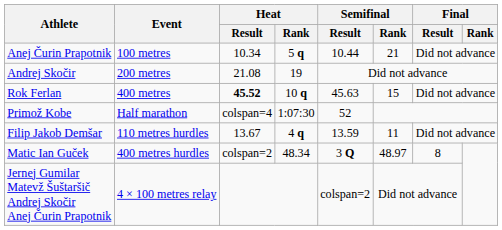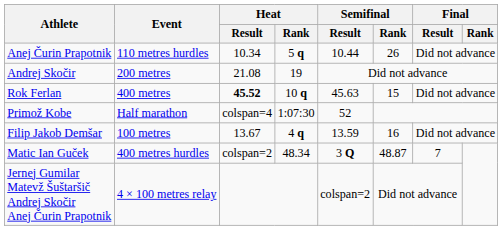 <table class=wikitable style=font-size:90%>
 <tr>
 <th rowspan=2>Athlete</th>
 <th rowspan=2>Event</th>
 <th colspan=2>Heat</th>
 <th colspan=2>Semifinal</th>
 <th colspan=2>Final</th>
 </tr>
 <tr style=font-size:95%>
 <th>Result</th>
 <th>Rank</th>
 <th>Result</th>
 <th>Rank</th>
 <th>Result</th>
 <th>Rank</th>
 </tr>
 <tr align=center>
 <td align=left><a href='#'>Anej Čurin Prapotnik</a></td>
-<td align=left><a href='#'>100 metres</a></td>
+<td align=left><a href='#'>110 metres hurdles</a></td>
 <td>10.34</td>
 <td>5 <strong>q</strong></td>
 <td>10.44</td>
-<td>21</td>
+<td>26</td>
 <td colspan=2>Did not advance</td>
 </tr>
 <tr align=center>
 <td align=left><a href='#'>Andrej Skočir</a></td>
 <td align=left><a href='#'>200 metres</a></td>
 <td>21.08</td>
 <td>19</td>
 <td colspan=4>Did not advance</td>
 </tr>
 <tr align=center>
 <td align=left><a href='#'>Rok Ferlan</a></td>
 <td align=left><a href='#'>400 metres</a></td>
 <td><strong>45.52 </strong></td>
 <td>10 <strong>q</strong></td>
 <td>45.63</td>
 <td>15</td>
 <td colspan=2>Did not advance</td>
 </tr>
 <tr align=center>
 <td align=left><a href='#'>Primož Kobe</a></td>
 <td align=left><a href='#'>Half marathon</a></td>
 <td>colspan=4</td>
 <td>1:07:30</td>
 <td>52</td>
 </tr>
 <tr align=center>
 <td align=left><a href='#'>Filip Jakob Demšar</a></td>
-<td align=left><a href='#'>110 metres hurdles</a></td>
+<td align=left><a href='#'>100 metres</a></td>
 <td>13.67</td>
 <td>4 <strong>q</strong></td>
 <td>13.59 </td>
-<td>11</td>
+<td>16</td>
 <td colspan=2>Did not advance</td>
 </tr>
 <tr align=center>
 <td align=left><a href='#'>Matic Ian Guček</a></td>
 <td align=left><a href='#'>400 metres hurdles</a></td>
 <td>colspan=2 </td>
 <td>48.34 </td>
 <td>3 <strong>Q</strong></td>
-<td>48.97</td>
-<td>8</td>
+<td>48.87</td>
+<td>7</td>
 </tr>
 <tr align=center>
 <td align=left><a href='#'>Jernej Gumilar</a><br><a href='#'>Matevž Šuštaršič</a><br><a href='#'>Andrej Skočir</a><br><a href='#'>Anej Čurin Prapotnik</a></td>
 <td align=left><a href='#'>4 × 100 metres relay</a></td>
 <td colspan=2></td>
 <td>colspan=2</td>
 <td colspan=2>Did not advance</td>
 </tr>
 </table>
